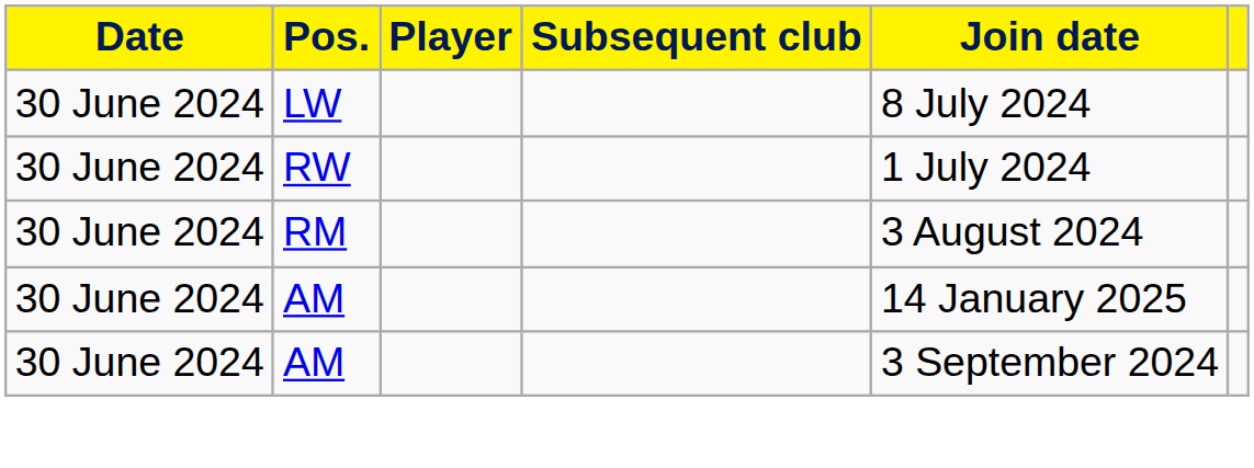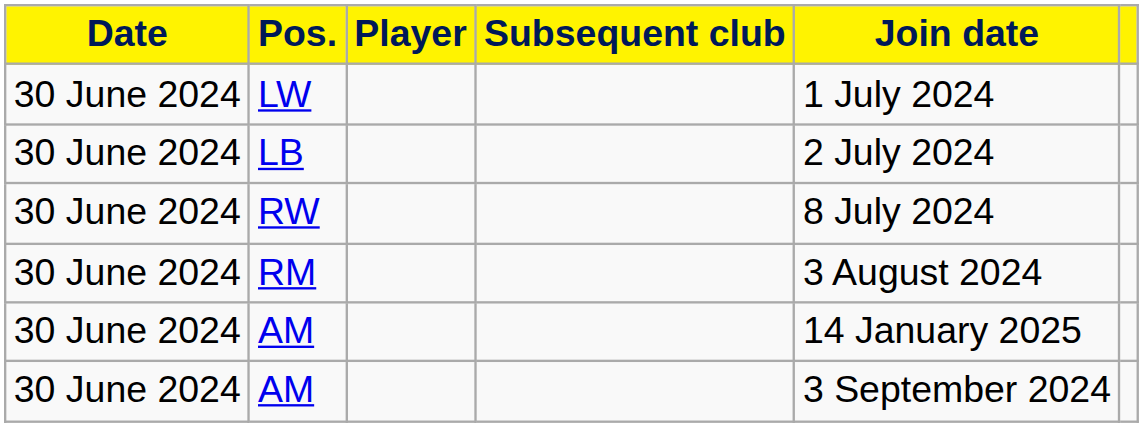 <table class="wikitable plainrowheaders sortable">
 <tr>
 <th style="background-color:#FFF300; color:#001958; ">Date</th>
 <th style="background-color:#FFF300; color:#001958; ">Pos.</th>
 <th style="background-color:#FFF300; color:#001958; ">Player</th>
 <th style="background-color:#FFF300; color:#001958; ">Subsequent club</th>
 <th style="background-color:#FFF300; color:#001958; ">Join date</th>
 <th style="background-color:#FFF300; color:#001958; "></th>
 </tr>
 <tr>
 <td>30 June 2024</td>
 <td><a href='#'>LW</a></td>
 <td></td>
 <td></td>
-<td>8 July 2024</td>
+<td>1 July 2024</td>
+<td></td>
+</tr>
+<tr>
+<td>30 June 2024</td>
+<td><a href='#'>LB</a></td>
+<td></td>
+<td></td>
+<td>2 July 2024</td>
 <td></td>
 </tr>
 <tr>
 <td>30 June 2024</td>
 <td><a href='#'>RW</a></td>
 <td></td>
 <td></td>
-<td>1 July 2024</td>
+<td>8 July 2024</td>
 <td></td>
 </tr>
 <tr>
 <td>30 June 2024</td>
 <td><a href='#'>RM</a></td>
 <td></td>
 <td></td>
 <td>3 August 2024</td>
 <td></td>
 </tr>
 <tr>
 <td>30 June 2024</td>
 <td><a href='#'>AM</a></td>
 <td></td>
 <td></td>
 <td>14 January 2025</td>
 <td> </td>
 </tr>
 <tr>
 <td>30 June 2024</td>
 <td><a href='#'>AM</a></td>
 <td></td>
 <td></td>
 <td>3 September 2024</td>
 <td></td>
 </tr>
 </table>
